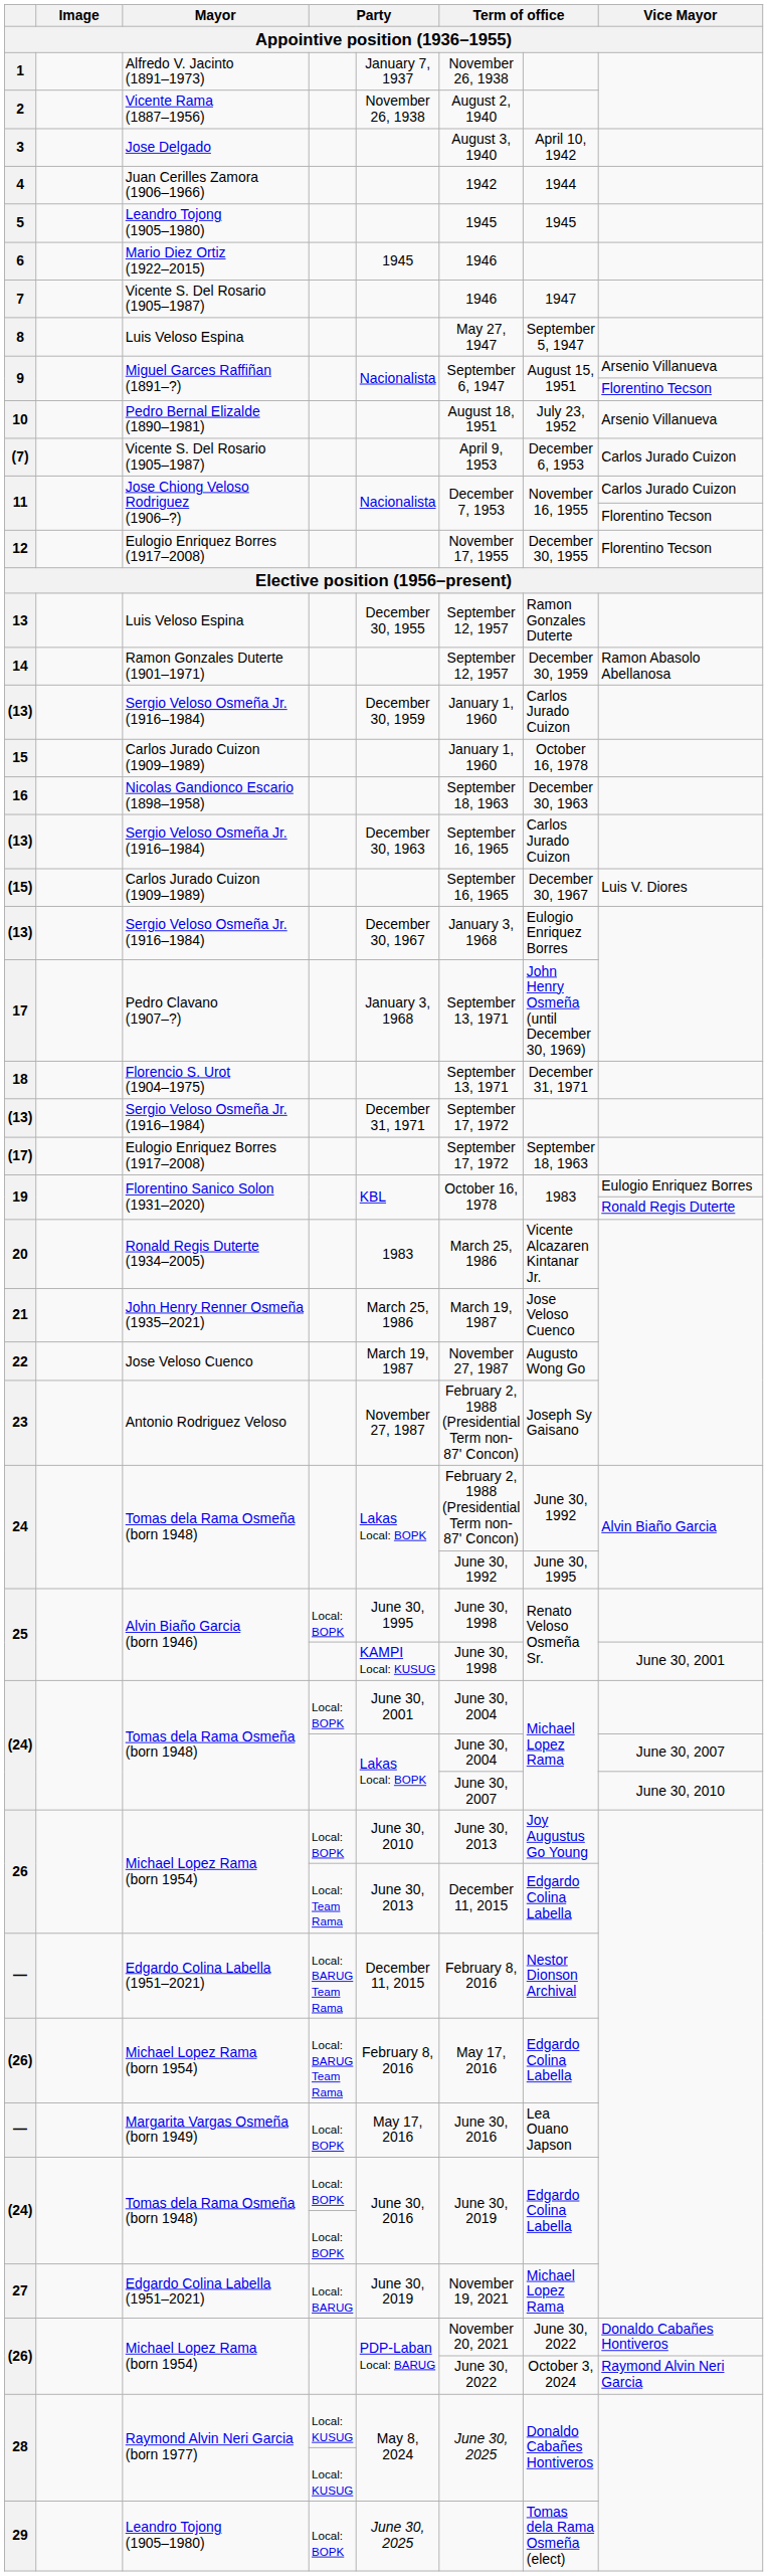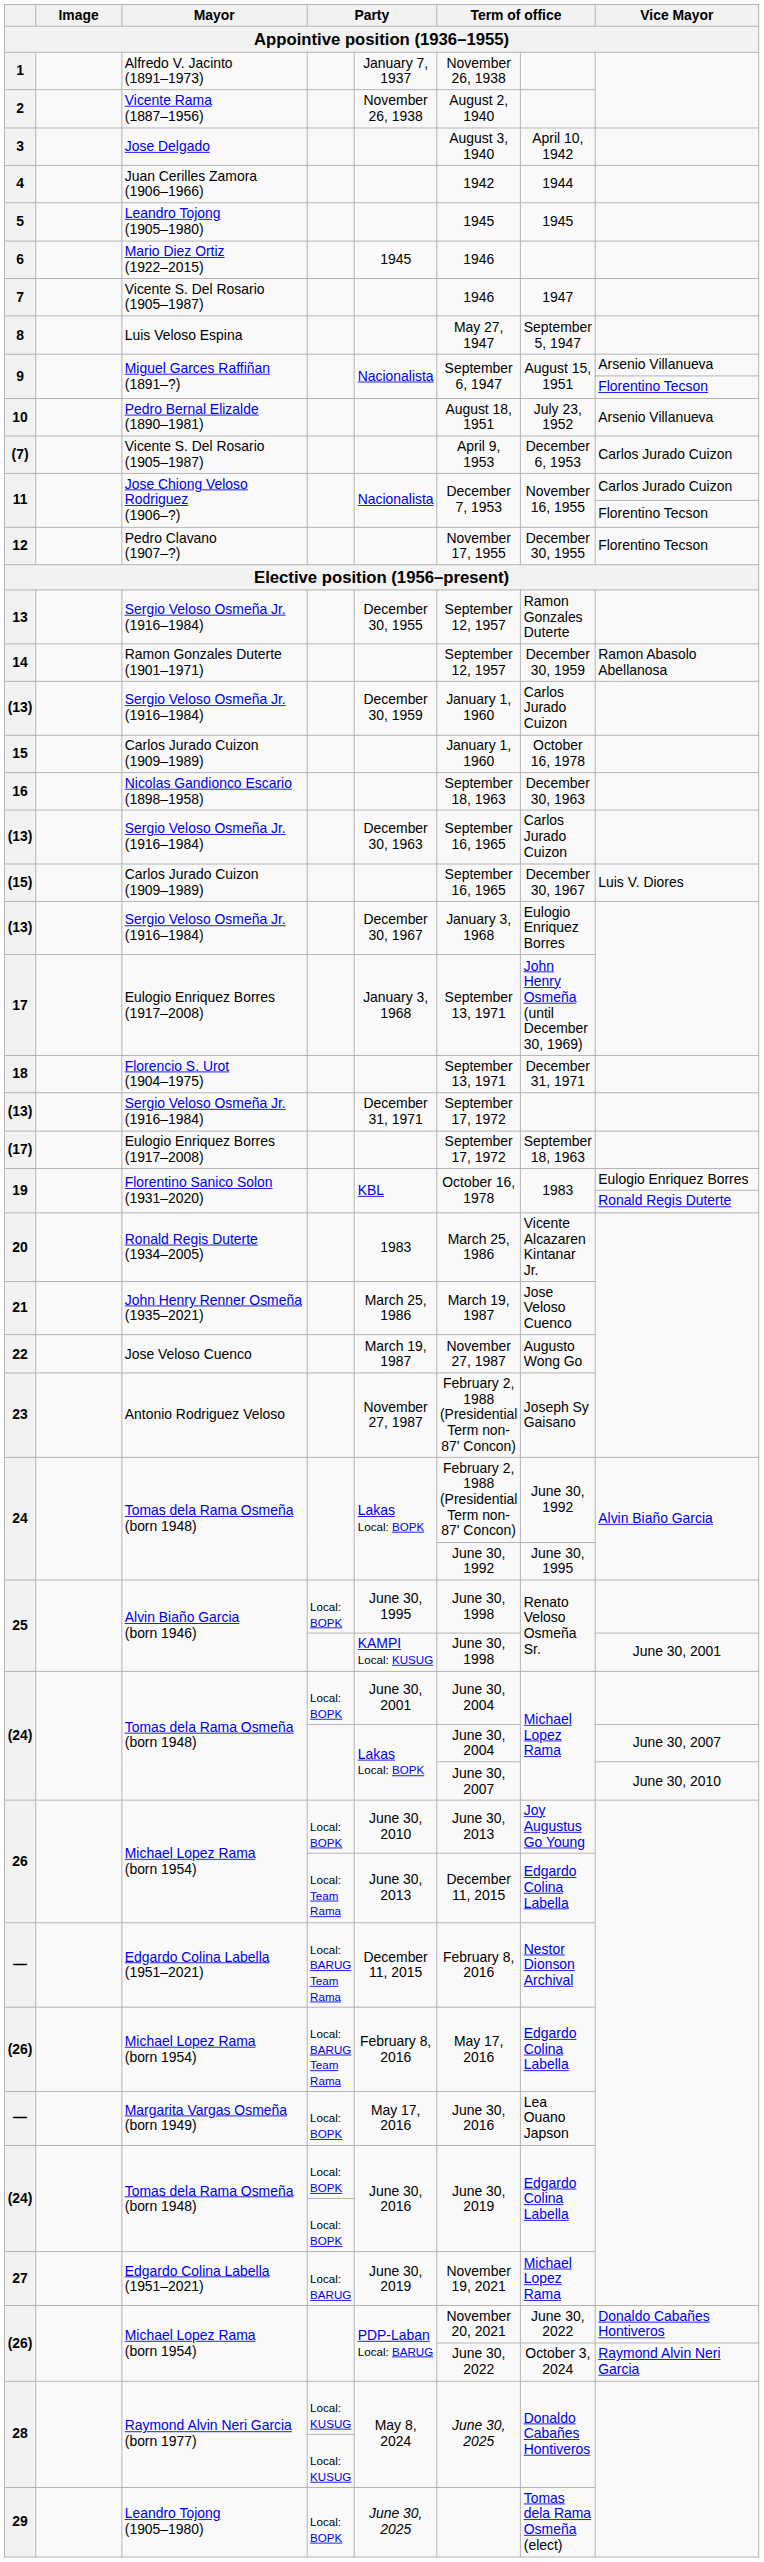 <table class=wikitable>
 <tr>
 <th width=10px align=center></th>
 <th width=100px>Image</th>
 <th width=230px>Mayor<br></th>
 <th colspan=2>Party</th>
 <th colspan=2 width=200px>Term of office</th>
 <th width=200px>Vice Mayor</th>
 </tr>
 <tr>
 <th colspan="8"><big>Appointive position (1936–1955)</big></th>
 </tr>
 <tr>
 <th align=center>1</th>
 <td></td>
 <td>Alfredo V. Jacinto <br>(1891–1973)</td>
 <td></td>
 <td align=center>January 7, 1937</td>
 <td align=center>November 26, 1938</td>
 <td></td>
 </tr>
 <tr>
 <th align=center>2</th>
 <td></td>
 <td><a href='#'>Vicente Rama</a><br>(1887–1956)</td>
 <td></td>
 <td align=center>November 26, 1938</td>
 <td align=center>August 2, 1940</td>
 <td></td>
 </tr>
 <tr>
 <th align=center>3</th>
 <td></td>
 <td><a href='#'>Jose Delgado</a></td>
 <td></td>
 <td></td>
 <td align=center>August 3, 1940</td>
 <td align=center>April 10, 1942</td>
 <td></td>
 </tr>
 <tr>
 <th align=center>4</th>
 <td></td>
 <td>Juan Cerilles Zamora<br>(1906–1966)</td>
 <td></td>
 <td></td>
 <td align=center>1942</td>
 <td align=center>1944</td>
 <td></td>
 </tr>
 <tr>
 <th align=center>5</th>
 <td></td>
 <td><a href='#'>Leandro Tojong</a><br>(1905–1980)</td>
 <td></td>
 <td></td>
 <td align=center>1945</td>
 <td align=center>1945</td>
 <td></td>
 </tr>
 <tr>
 <th align=center>6</th>
 <td></td>
 <td><a href='#'>Mario Diez Ortiz</a><br>(1922–2015)</td>
 <td></td>
 <td align=center>1945</td>
 <td align=center>1946</td>
 <td></td>
 </tr>
 <tr>
 <th align=center>7</th>
 <td></td>
 <td>Vicente S. Del Rosario<br>(1905–1987)</td>
 <td></td>
 <td></td>
 <td align=center>1946</td>
 <td align=center>1947</td>
 <td></td>
 </tr>
 <tr>
 <th align=center>8</th>
 <td></td>
 <td>Luis Veloso Espina</td>
 <td></td>
 <td></td>
 <td align=center>May 27, 1947</td>
 <td align=center>September 5, 1947</td>
 <td></td>
 </tr>
 <tr>
 <th align=center rowspan="2">9</th>
 <td rowspan="2"></td>
 <td rowspan="2"><a href='#'>Miguel Garces Raffiñan</a><br>(1891–?)</td>
 <td rowspan="2" style="background:"></td>
 <td rowspan="2"><a href='#'>Nacionalista</a></td>
 <td rowspan="2" align=center>September 6, 1947</td>
 <td rowspan="2" align=center>August 15, 1951</td>
 <td>Arsenio Villanueva</td>
 </tr>
 <tr>
 <td><a href='#'>Florentino Tecson</a></td>
 </tr>
 <tr>
 <th align=center>10</th>
 <td></td>
 <td><a href='#'>Pedro Bernal Elizalde</a><br>(1890–1981)</td>
 <td></td>
 <td></td>
 <td align=center>August 18, 1951</td>
 <td align=center>July 23, 1952</td>
 <td>Arsenio Villanueva</td>
 </tr>
 <tr>
 <th align=center>(7)</th>
 <td></td>
 <td>Vicente S. Del Rosario<br>(1905–1987)</td>
 <td></td>
 <td></td>
 <td align=center>April 9, 1953</td>
 <td align=center>December 6, 1953</td>
 <td>Carlos Jurado Cuizon</td>
 </tr>
 <tr>
 <th align=center rowspan="2">11</th>
 <td rowspan="2"></td>
 <td rowspan="2"><a href='#'>Jose Chiong Veloso Rodriguez</a><br>(1906–?)</td>
 <td rowspan="2" style="background:"></td>
 <td rowspan="2"><a href='#'>Nacionalista</a></td>
 <td rowspan="2" align=center>December 7, 1953</td>
 <td rowspan="2" align=center>November 16, 1955</td>
 <td>Carlos Jurado Cuizon</td>
 </tr>
 <tr>
 <td>Florentino Tecson</td>
 </tr>
 <tr>
 <th align=center>12</th>
 <td></td>
-<td>Eulogio Enriquez Borres<br>(1917–2008)</td>
+<td>Pedro Clavano<br>(1907–?)</td>
 <td></td>
 <td></td>
 <td align=center>November 17, 1955</td>
 <td align=center>December 30, 1955</td>
 <td>Florentino Tecson</td>
 </tr>
 <tr>
 <th colspan="8"><big>Elective position (1956–present)</big></th>
 </tr>
 <tr>
 <th align=center>13</th>
 <td></td>
-<td>Luis Veloso Espina</td>
+<td><a href='#'>Sergio Veloso Osmeña Jr.</a><br>(1916–1984)</td>
 <td></td>
 <td align=center>December 30, 1955</td>
 <td align=center>September 12, 1957</td>
 <td>Ramon Gonzales Duterte</td>
 </tr>
 <tr>
 <th align=center>14</th>
 <td></td>
 <td>Ramon Gonzales Duterte<br>(1901–1971)</td>
 <td></td>
 <td></td>
 <td align=center>September 12, 1957</td>
 <td align=center>December 30, 1959</td>
 <td>Ramon Abasolo Abellanosa</td>
 </tr>
 <tr>
 <th align=center>(13)</th>
 <td></td>
 <td><a href='#'>Sergio Veloso Osmeña Jr.</a><br>(1916–1984)</td>
 <td></td>
 <td align=center>December 30, 1959</td>
 <td align=center>January 1, 1960</td>
 <td>Carlos Jurado Cuizon</td>
 </tr>
 <tr>
 <th align=center>15</th>
 <td></td>
 <td>Carlos Jurado Cuizon<br>(1909–1989)</td>
 <td></td>
 <td></td>
 <td align=center>January 1, 1960</td>
 <td align=center>October 16, 1978</td>
 <td></td>
 </tr>
 <tr>
 <th align=center>16</th>
 <td></td>
 <td><a href='#'>Nicolas Gandionco Escario</a><br>(1898–1958)</td>
 <td></td>
 <td></td>
 <td align=center>September 18, 1963</td>
 <td align=center>December 30, 1963</td>
 <td></td>
 </tr>
 <tr>
 <th align=center>(13)</th>
 <td></td>
 <td><a href='#'>Sergio Veloso Osmeña Jr.</a><br>(1916–1984)</td>
 <td></td>
 <td align=center>December 30, 1963</td>
 <td align=center>September 16, 1965</td>
 <td>Carlos Jurado Cuizon</td>
 </tr>
 <tr>
 <th align=center>(15)</th>
 <td></td>
 <td>Carlos Jurado Cuizon<br>(1909–1989)</td>
 <td></td>
 <td></td>
 <td align=center>September 16, 1965</td>
 <td align=center>December 30, 1967</td>
 <td>Luis V. Diores</td>
 </tr>
 <tr>
 <th align=center>(13)</th>
 <td></td>
 <td><a href='#'>Sergio Veloso Osmeña Jr.</a><br>(1916–1984)</td>
 <td></td>
 <td align=center>December 30, 1967</td>
 <td align=center>January 3, 1968</td>
 <td>Eulogio Enriquez Borres</td>
 </tr>
 <tr>
 <th align=center>17</th>
 <td></td>
-<td>Pedro Clavano<br>(1907–?)</td>
+<td>Eulogio Enriquez Borres<br>(1917–2008)</td>
 <td></td>
 <td align=center>January 3, 1968</td>
 <td align=center>September 13, 1971</td>
 <td><a href='#'>John Henry Osmeña</a> (until December 30, 1969)</td>
 </tr>
 <tr>
 <th align=center>18</th>
 <td></td>
 <td><a href='#'>Florencio S. Urot</a><br>(1904–1975)</td>
 <td></td>
 <td></td>
 <td align=center>September 13, 1971</td>
 <td align=center>December 31, 1971</td>
 <td></td>
 </tr>
 <tr>
 <th align=center>(13)</th>
 <td></td>
 <td><a href='#'>Sergio Veloso Osmeña Jr.</a><br>(1916–1984)</td>
 <td></td>
 <td align=center>December 31, 1971</td>
 <td align=center>September 17, 1972</td>
 <td></td>
 </tr>
 <tr>
 <th align=center>(17)</th>
 <td></td>
 <td>Eulogio Enriquez Borres<br>(1917–2008)</td>
 <td></td>
 <td></td>
 <td align=center>September 17, 1972</td>
 <td align=center>September 18, 1963</td>
 <td></td>
 </tr>
 <tr>
 <th align=center rowspan="2">19</th>
 <td rowspan="2"></td>
 <td rowspan="2"><a href='#'>Florentino Sanico Solon</a><br>(1931–2020)</td>
 <td rowspan="2" style="background:"></td>
 <td rowspan="2"><a href='#'>KBL</a></td>
 <td rowspan="2" align=center>October 16, 1978</td>
 <td rowspan="2" align=center>1983</td>
 <td>Eulogio Enriquez Borres</td>
 </tr>
 <tr>
 <td><a href='#'>Ronald Regis Duterte</a></td>
 </tr>
 <tr>
 <th align=center>20</th>
 <td></td>
 <td><a href='#'>Ronald Regis Duterte</a><br>(1934–2005)</td>
 <td></td>
 <td align=center>1983</td>
 <td align=center>March 25, 1986 </td>
 <td>Vicente Alcazaren Kintanar Jr.</td>
 </tr>
 <tr>
 <th align=center>21</th>
 <td></td>
 <td><a href='#'>John Henry Renner Osmeña</a> <br>(1935–2021)</td>
 <td></td>
 <td align=center>March 25, 1986</td>
 <td align=center>March 19, 1987</td>
 <td>Jose Veloso Cuenco</td>
 </tr>
 <tr>
 <th align=center>22</th>
 <td></td>
 <td>Jose Veloso Cuenco </td>
 <td></td>
 <td align=center>March 19, 1987</td>
 <td align=center>November 27, 1987</td>
 <td>Augusto Wong Go</td>
 </tr>
 <tr>
 <th align=center>23</th>
 <td></td>
 <td>Antonio Rodriguez Veloso </td>
 <td></td>
 <td align=center>November 27, 1987</td>
 <td align=center>February 2, 1988 (Presidential Term non-87' Concon)</td>
 <td>Joseph Sy Gaisano</td>
 </tr>
 <tr>
 <th align=center rowspan="2">24</th>
 <td rowspan="2"></td>
 <td rowspan="2"><a href='#'>Tomas dela Rama Osmeña</a><br>(born 1948)</td>
 <td rowspan="2" style="background:"></td>
 <td rowspan="2"><a href='#'>Lakas</a> <br> <small>Local: <a href='#'>BOPK</a></small></td>
 <td align=center>February 2, 1988 (Presidential Term non-87' Concon)</td>
 <td align=center>June 30, 1992</td>
 <td rowspan="2"><a href='#'>Alvin Biaño Garcia</a></td>
 </tr>
 <tr>
 <td align=center>June 30, 1992</td>
 <td align=center>June 30, 1995</td>
 </tr>
 <tr>
 <th align=center rowspan="2">25</th>
 <td rowspan="2"></td>
 <td rowspan="2"><a href='#'>Alvin Biaño Garcia</a><br>(born 1946)</td>
 <td> <br> <small>Local: <a href='#'>BOPK</a></small></td>
 <td align=center>June 30, 1995</td>
 <td align=center>June 30, 1998</td>
 <td rowspan="2">Renato Veloso Osmeña Sr.</td>
 </tr>
 <tr>
 <td style="background:"></td>
 <td><a href='#'>KAMPI</a> <br> <small>Local: <a href='#'>KUSUG</a></small></td>
 <td align=center>June 30, 1998</td>
 <td align=center>June 30, 2001</td>
 </tr>
 <tr>
 <th align=center rowspan="3">(24)</th>
 <td rowspan="3"></td>
 <td rowspan="3"><a href='#'>Tomas dela Rama Osmeña</a><br>(born 1948)</td>
 <td> <br> <small>Local: <a href='#'>BOPK</a></small></td>
 <td align=center>June 30, 2001</td>
 <td align=center>June 30, 2004</td>
 <td rowspan="3"><a href='#'>Michael Lopez Rama</a></td>
 </tr>
 <tr>
 <td rowspan="2" style="background:"></td>
 <td rowspan="2"><a href='#'>Lakas</a> <br> <small>Local: <a href='#'>BOPK</a></small></td>
 <td align=center>June 30, 2004</td>
 <td align=center>June 30, 2007</td>
 </tr>
 <tr>
 <td align=center>June 30, 2007</td>
 <td align=center>June 30, 2010</td>
 </tr>
 <tr>
 <th align=center rowspan="2">26</th>
 <td rowspan="2"></td>
 <td rowspan="2"><a href='#'>Michael Lopez Rama</a><br>(born 1954)</td>
 <td> <br> <small>Local: <a href='#'>BOPK</a></small></td>
 <td align=center>June 30, 2010</td>
 <td align=center>June 30, 2013</td>
 <td><a href='#'>Joy Augustus Go Young</a></td>
 </tr>
 <tr>
 <td> <br> <small>Local: <a href='#'>Team Rama</a></small></td>
 <td align=center>June 30, 2013</td>
 <td align=center>December 11, 2015</td>
 <td><a href='#'>Edgardo Colina Labella</a></td>
 </tr>
 <tr>
 <th align=center>—</th>
 <td></td>
 <td><a href='#'>Edgardo Colina Labella</a> <br>(1951–2021)</td>
 <td> <br> <small>Local: <a href='#'>BARUG Team Rama</a></small></td>
 <td align=center>December 11, 2015</td>
 <td align=center>February 8, 2016</td>
 <td><a href='#'>Nestor Dionson Archival</a></td>
 </tr>
 <tr>
 <th align=center>(26)</th>
 <td></td>
 <td><a href='#'>Michael Lopez Rama</a><br>(born 1954)</td>
 <td> <br> <small>Local: <a href='#'>BARUG Team Rama</a></small></td>
 <td align=center>February 8, 2016</td>
 <td align=center>May 17, 2016</td>
 <td><a href='#'>Edgardo Colina Labella</a></td>
 </tr>
 <tr>
 <th align=center>—</th>
 <td></td>
 <td><a href='#'>Margarita Vargas Osmeña</a> <br>(born 1949)</td>
 <td> <br> <small>Local: <a href='#'>BOPK</a></small></td>
 <td align=center>May 17, 2016</td>
 <td align=center>June 30, 2016</td>
 <td>Lea Ouano Japson</td>
 </tr>
 <tr>
 <th rowspan="2">(24)</th>
 <td rowspan="2"></td>
 <td rowspan="2"><a href='#'>Tomas dela Rama Osmeña</a><br>(born 1948)</td>
 <td> <br> <small>Local: <a href='#'>BOPK</a></small></td>
 <td rowspan="2" align=center>June 30, 2016</td>
 <td rowspan="2" align=center>June 30, 2019</td>
 <td rowspan="2"><a href='#'>Edgardo Colina Labella</a></td>
 </tr>
 <tr>
 <td> <br> <small>Local: <a href='#'>BOPK</a></small></td>
 </tr>
 <tr>
 <th align=center>27</th>
 <td></td>
 <td><a href='#'>Edgardo Colina Labella</a> <br>(1951–2021)</td>
 <td> <br> <small>Local: <a href='#'>BARUG</a></small></td>
 <td align=center>June 30, 2019</td>
 <td align=center>November 19, 2021</td>
 <td><a href='#'>Michael Lopez Rama</a></td>
 </tr>
 <tr>
 <th align=center rowspan="2">(26)</th>
 <td rowspan="2"></td>
 <td rowspan="2"><a href='#'>Michael Lopez Rama</a><br>(born 1954)</td>
 <td rowspan="2" style="background:"></td>
 <td rowspan="2"><a href='#'>PDP-Laban</a><br><small>Local: <a href='#'>BARUG</a></small></td>
 <td align=center>November 20, 2021</td>
 <td align=center>June 30, 2022</td>
 <td><a href='#'>Donaldo Cabañes Hontiveros</a></td>
 </tr>
 <tr>
 <td align=center>June 30, 2022</td>
 <td align=center>October 3, 2024</td>
 <td><a href='#'>Raymond Alvin Neri Garcia</a><em></em></td>
 </tr>
 <tr>
 <th align=center rowspan="2">28</th>
 <td rowspan="2"></td>
 <td rowspan="2"><a href='#'>Raymond Alvin Neri Garcia</a><br>(born 1977)</td>
 <td> <br> <small>Local: <a href='#'>KUSUG</a></small></td>
 <td rowspan="2" align=center>May 8, 2024</td>
 <td rowspan="2" align=center><em>June 30, 2025</em></td>
 <td rowspan="2"><a href='#'>Donaldo Cabañes Hontiveros</a></td>
 </tr>
 <tr>
 <td> <br> <small>Local: <a href='#'>KUSUG</a></small></td>
 </tr>
 <tr>
 <th align=center>29</th>
 <td></td>
 <td><a href='#'>Leandro Tojong</a><br>(1905–1980)</td>
 <td> <br> <small>Local: <a href='#'>BOPK</a></small></td>
 <td align=center><em>June 30, 2025</em></td>
 <td></td>
 <td><a href='#'>Tomas dela Rama Osmeña</a> (elect)</td>
 </tr>
 </table>
